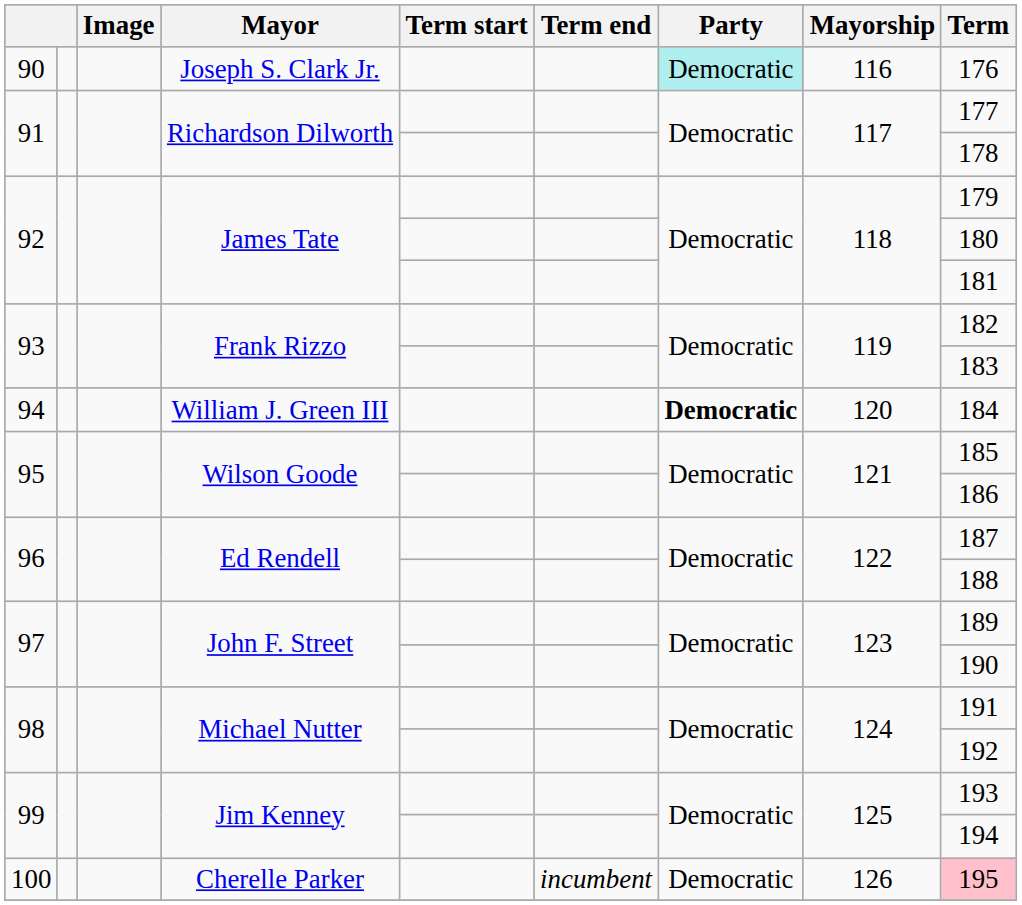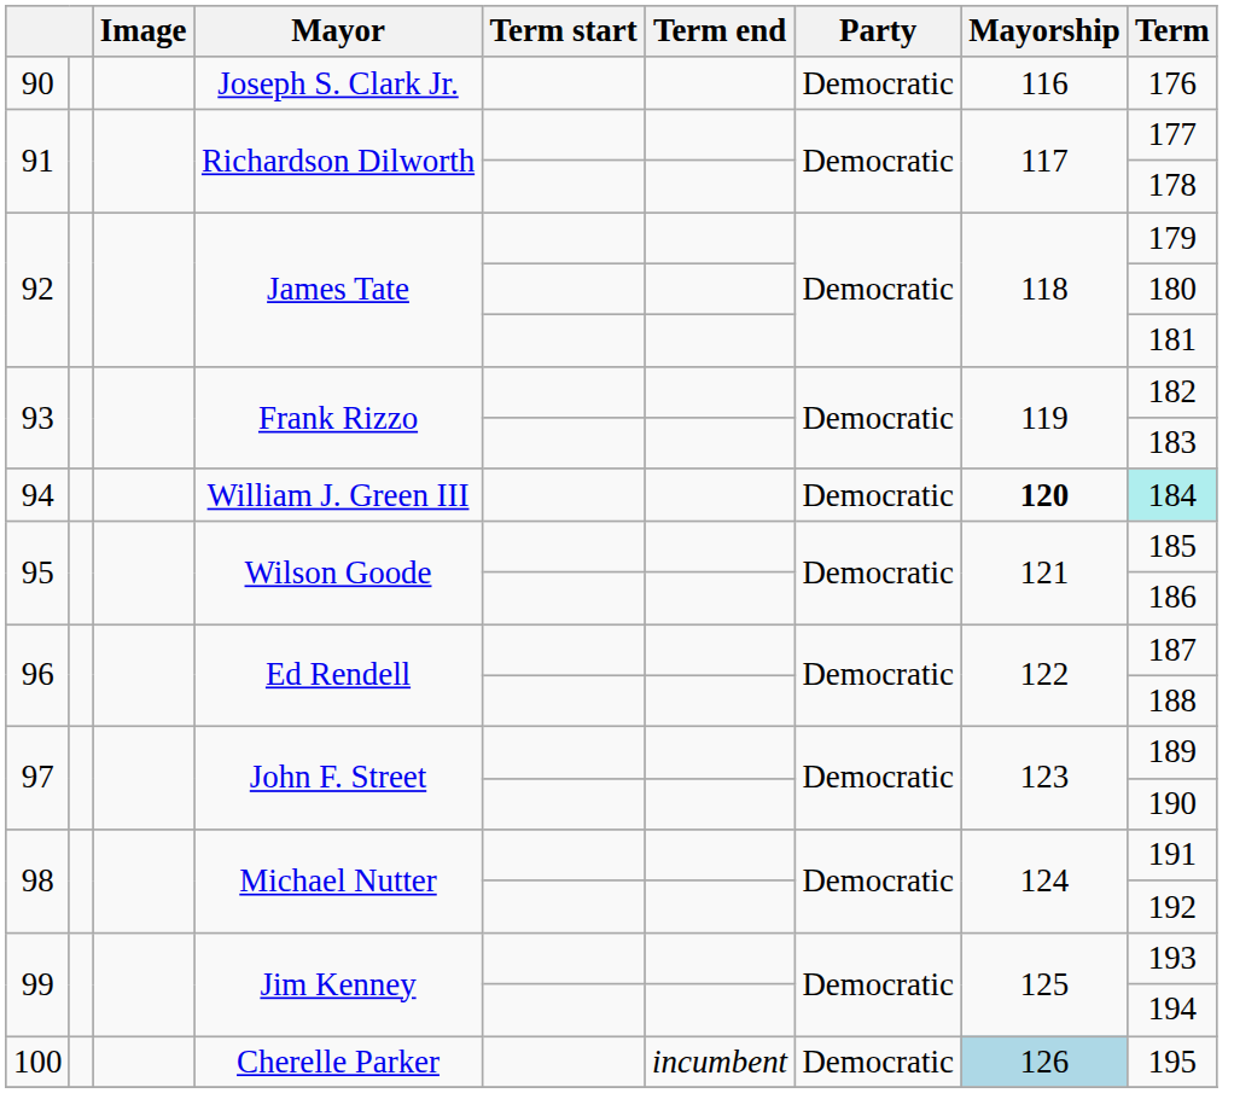 <table class="wikitable" style="text-align: center;">
 <tr>
 <th scope="col" colspan="2"></th>
 <th scope="col">Image</th>
 <th scope="col">Mayor</th>
 <th scope="col">Term start</th>
 <th scope="col">Term end</th>
 <th scope="col">Party</th>
 <th scope="col">Mayorship</th>
 <th scope="col">Term</th>
 </tr>
 <tr>
 <td>90</td>
 <td style="background: "> </td>
 <td style="text-align: left;"></td>
 <td><a href='#'>Joseph S. Clark Jr.</a></td>
 <td></td>
 <td></td>
-<td style="background: paleturquoise;">Democratic</td>
+<td>Democratic</td>
 <td>116</td>
 <td>176</td>
 </tr>
 <tr>
 <td rowspan="2">91</td>
 <td rowspan="2" style="background: "> </td>
 <td rowspan="2" style="text-align: left;"></td>
 <td rowspan="2"><a href='#'>Richardson Dilworth</a></td>
 <td></td>
 <td></td>
 <td rowspan="2">Democratic</td>
 <td rowspan="2">117</td>
 <td>177</td>
 </tr>
 <tr>
 <td></td>
 <td></td>
 <td>178</td>
 </tr>
 <tr>
 <td rowspan="3">92</td>
 <td rowspan="3" style="background: "> </td>
 <td rowspan="3" style="text-align: left;"></td>
 <td rowspan="3"><a href='#'>James Tate</a></td>
 <td></td>
 <td></td>
 <td rowspan="3">Democratic</td>
 <td rowspan="3">118</td>
 <td>179</td>
 </tr>
 <tr>
 <td></td>
 <td></td>
 <td>180</td>
 </tr>
 <tr>
 <td></td>
 <td></td>
 <td>181</td>
 </tr>
 <tr>
 <td rowspan="2">93</td>
 <td rowspan="2" style="background: "> </td>
 <td rowspan="2" style="text-align: left;"></td>
 <td rowspan="2"><a href='#'>Frank Rizzo</a></td>
 <td></td>
 <td></td>
 <td rowspan="2">Democratic</td>
 <td rowspan="2">119</td>
 <td>182</td>
 </tr>
 <tr>
 <td></td>
 <td></td>
 <td>183</td>
 </tr>
 <tr>
 <td>94</td>
 <td style="background: "> </td>
 <td style="text-align: left;"></td>
 <td><a href='#'>William J. Green III</a></td>
 <td></td>
 <td></td>
-<td><strong>Democratic</strong></td>
-<td>120</td>
-<td>184</td>
+<td>Democratic</td>
+<td><strong>120</strong></td>
+<td style="background: paleturquoise;">184</td>
 </tr>
 <tr>
 <td rowspan="2">95</td>
 <td rowspan="2" style="background: "> </td>
 <td rowspan="2" style="text-align: left;"></td>
 <td rowspan="2"><a href='#'>Wilson Goode</a></td>
 <td></td>
 <td></td>
 <td rowspan="2">Democratic</td>
 <td rowspan="2">121</td>
 <td>185</td>
 </tr>
 <tr>
 <td></td>
 <td></td>
 <td>186</td>
 </tr>
 <tr>
 <td rowspan="2">96</td>
 <td rowspan="2" style="background: "> </td>
 <td rowspan="2" style="text-align: left;"></td>
 <td rowspan="2"><a href='#'>Ed Rendell</a></td>
 <td></td>
 <td></td>
 <td rowspan="2">Democratic</td>
 <td rowspan="2">122</td>
 <td>187</td>
 </tr>
 <tr>
 <td></td>
 <td></td>
 <td>188</td>
 </tr>
 <tr>
 <td rowspan="2">97</td>
 <td rowspan="2" style="background: "> </td>
 <td rowspan="2" style="text-align: left;"></td>
 <td rowspan="2"><a href='#'>John F. Street</a></td>
 <td></td>
 <td></td>
 <td rowspan="2">Democratic</td>
 <td rowspan="2">123</td>
 <td>189</td>
 </tr>
 <tr>
 <td></td>
 <td></td>
 <td>190</td>
 </tr>
 <tr>
 <td rowspan="2">98</td>
 <td rowspan="2" style="background: "> </td>
 <td rowspan="2" style="text-align: left;"></td>
 <td rowspan="2"><a href='#'>Michael Nutter</a></td>
 <td></td>
 <td></td>
 <td rowspan="2">Democratic</td>
 <td rowspan="2">124</td>
 <td>191</td>
 </tr>
 <tr>
 <td></td>
 <td></td>
 <td>192</td>
 </tr>
 <tr>
 <td rowspan="2">99</td>
 <td rowspan="2" style="background: "> </td>
 <td rowspan="2" style="text-align: left;"></td>
 <td rowspan="2"><a href='#'>Jim Kenney</a></td>
 <td></td>
 <td></td>
 <td rowspan="2">Democratic</td>
 <td rowspan="2">125</td>
 <td>193</td>
 </tr>
 <tr>
 <td></td>
 <td></td>
 <td>194</td>
 </tr>
 <tr>
 <td>100</td>
 <td style="background: "> </td>
 <td></td>
 <td><a href='#'>Cherelle Parker</a></td>
 <td></td>
 <td><em>incumbent</em></td>
 <td>Democratic</td>
-<td>126</td>
-<td style="background: pink;">195</td>
+<td style="background: lightblue;">126</td>
+<td>195</td>
 </tr>
 <tr>
 </tr>
 </table>
